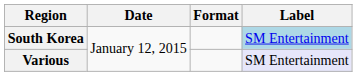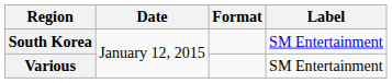 <table class="wikitable plainrowheaders">
 <tr>
 <th scope="col">Region</th>
 <th scope="col">Date</th>
 <th scope="col">Format</th>
 <th scope="col">Label</th>
 </tr>
 <tr>
 <th scope="row">South Korea</th>
 <td rowspan="2">January 12, 2015</td>
 <td></td>
-<td style="background: lightblue;"><a href='#'>SM Entertainment</a></td>
+<td><a href='#'>SM Entertainment</a></td>
 </tr>
 <tr>
 <th scope="row">Various</th>
 <td></td>
-<td style="background: lavender;">SM Entertainment</td>
+<td>SM Entertainment</td>
 </tr>
 </table>
